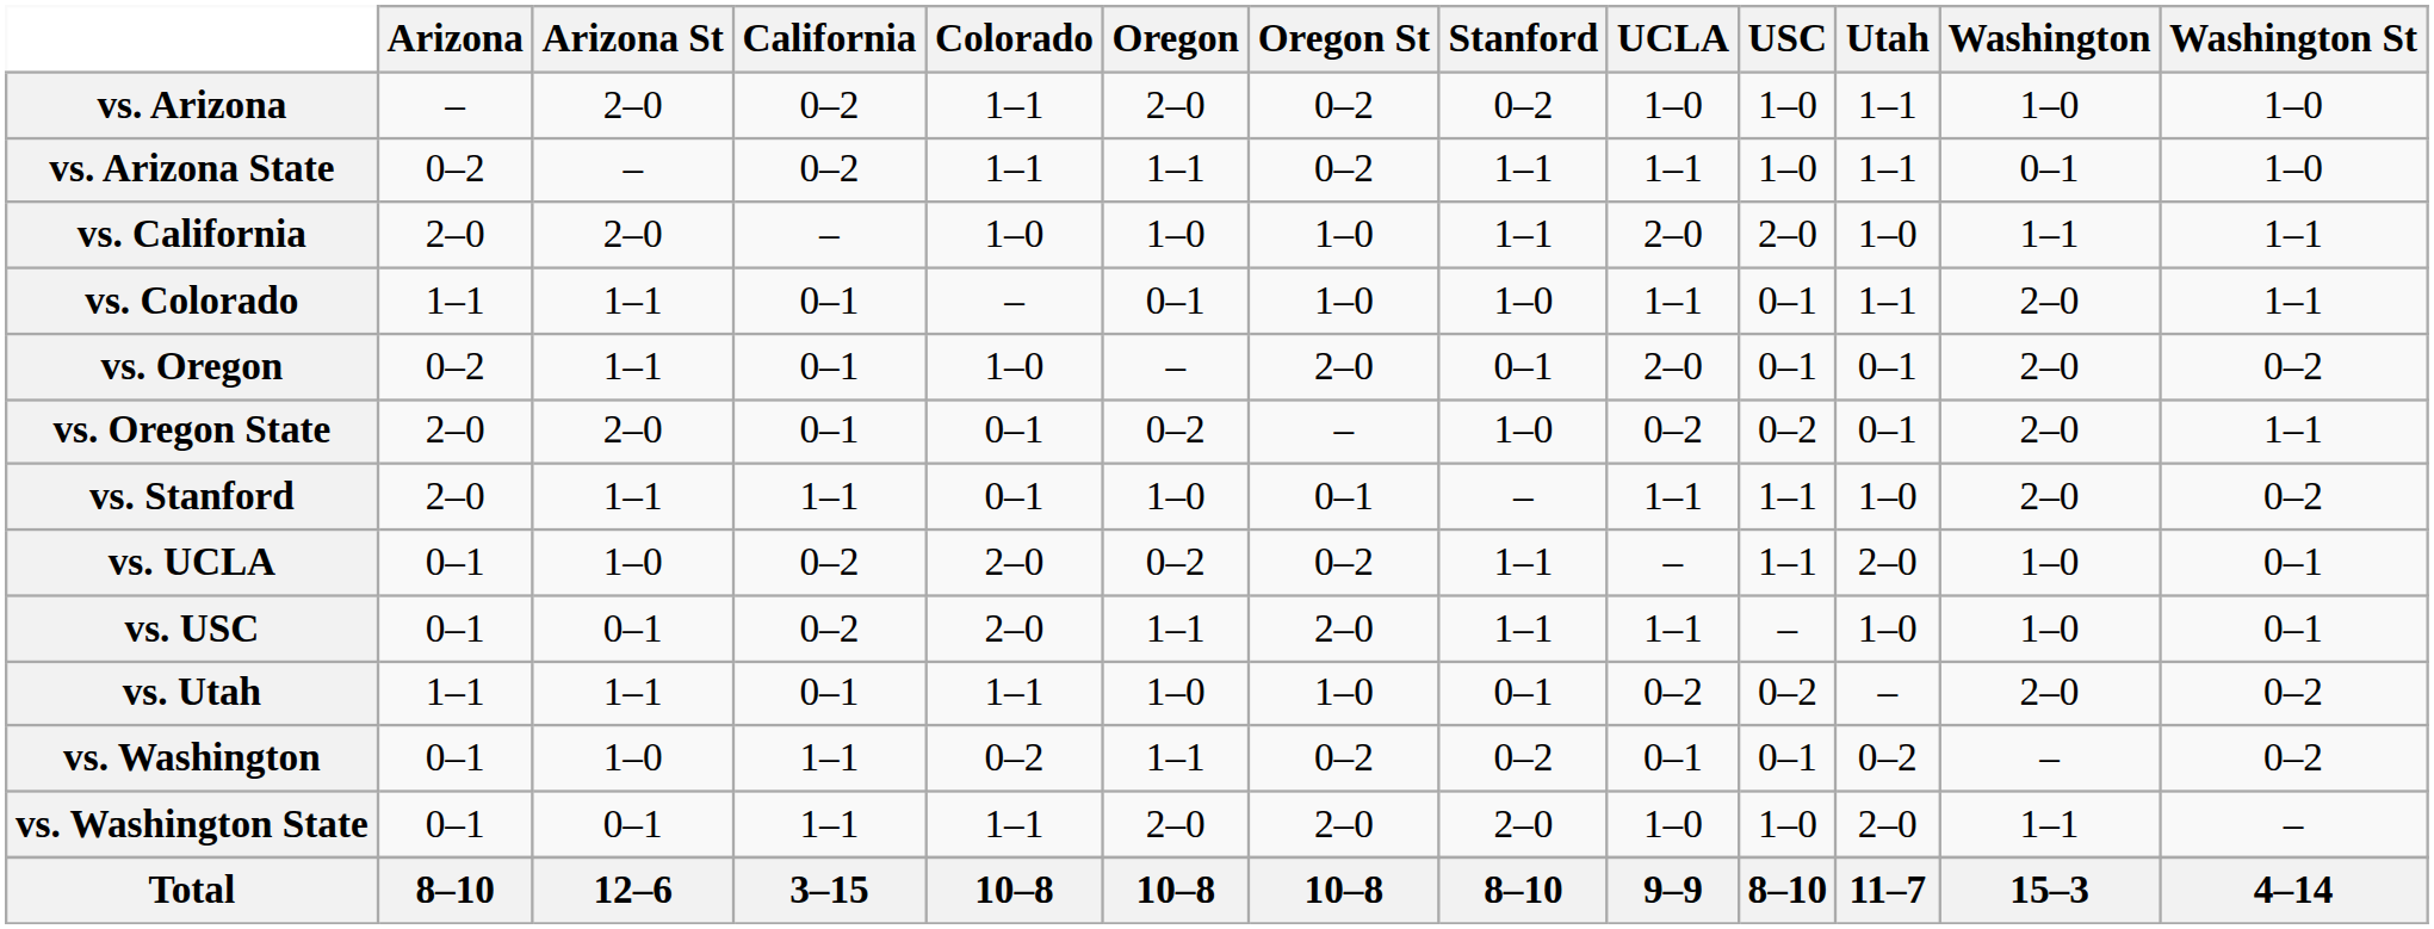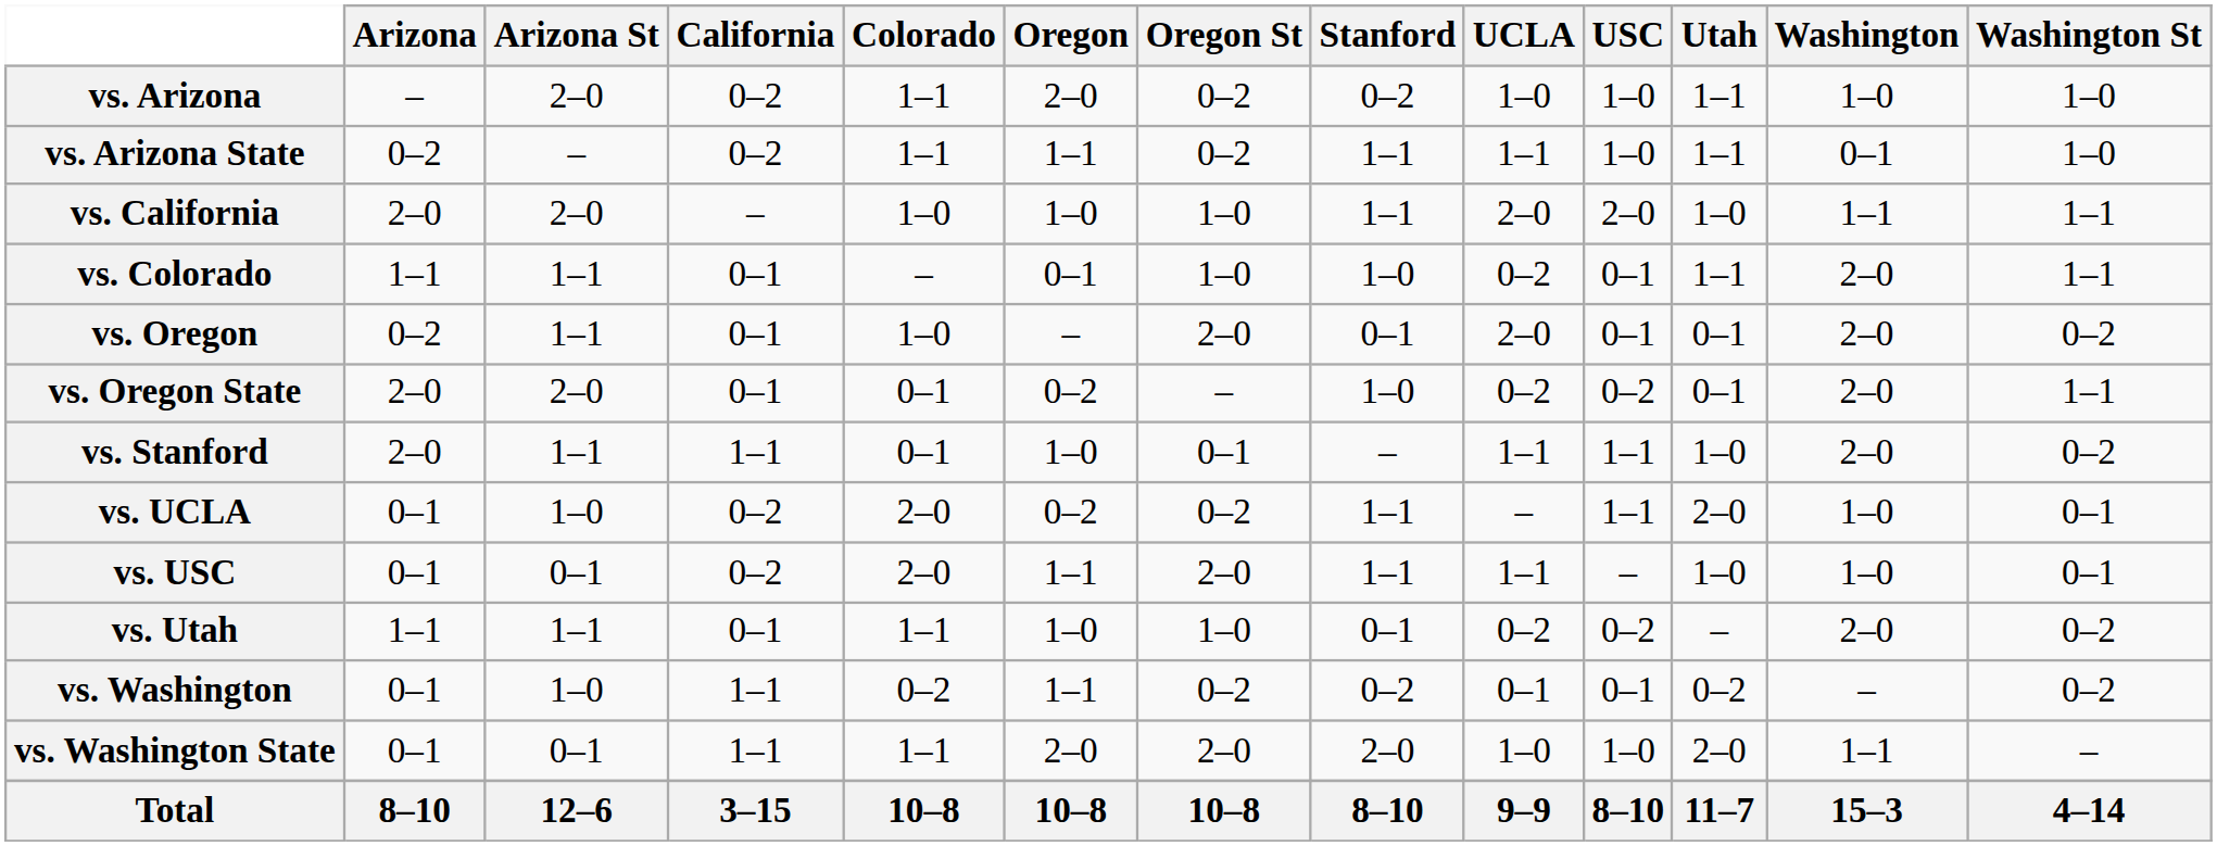 <table class="wikitable" style="white-space:nowrap;font-size:90%;">
 <tr>
 <th colspan=1 style="background:white; border-top-style:hidden; border-left-style:hidden;"   width=75> </th>
 <th>Arizona</th>
 <th>Arizona St</th>
 <th>California</th>
 <th>Colorado</th>
 <th>Oregon</th>
 <th>Oregon St</th>
 <th>Stanford</th>
 <th>UCLA</th>
 <th>USC</th>
 <th>Utah</th>
 <th>Washington</th>
 <th>Washington St</th>
 </tr>
 <tr style="text-align:center;">
 <th>vs. Arizona</th>
 <td>–</td>
 <td>2–0</td>
 <td>0–2</td>
 <td>1–1</td>
 <td>2–0</td>
 <td>0–2</td>
 <td>0–2</td>
 <td>1–0</td>
 <td>1–0</td>
 <td>1–1</td>
 <td>1–0</td>
 <td>1–0</td>
 </tr>
 <tr style="text-align:center;">
 <th>vs. Arizona State</th>
 <td>0–2</td>
 <td>–</td>
 <td>0–2</td>
 <td>1–1</td>
 <td>1–1</td>
 <td>0–2</td>
 <td>1–1</td>
 <td>1–1</td>
 <td>1–0</td>
 <td>1–1</td>
 <td>0–1</td>
 <td>1–0</td>
 </tr>
 <tr style="text-align:center;">
 <th>vs. California</th>
 <td>2–0</td>
 <td>2–0</td>
 <td>–</td>
 <td>1–0</td>
 <td>1–0</td>
 <td>1–0</td>
 <td>1–1</td>
 <td>2–0</td>
 <td>2–0</td>
 <td>1–0</td>
 <td>1–1</td>
 <td>1–1</td>
 </tr>
 <tr style="text-align:center;">
 <th>vs. Colorado</th>
 <td>1–1</td>
 <td>1–1</td>
 <td>0–1</td>
 <td>–</td>
 <td>0–1</td>
 <td>1–0</td>
 <td>1–0</td>
-<td>1–1</td>
+<td>0–2</td>
 <td>0–1</td>
 <td>1–1</td>
 <td>2–0</td>
 <td>1–1</td>
 </tr>
 <tr style="text-align:center;">
 <th>vs. Oregon</th>
 <td>0–2</td>
 <td>1–1</td>
 <td>0–1</td>
 <td>1–0</td>
 <td>–</td>
 <td>2–0</td>
 <td>0–1</td>
 <td>2–0</td>
 <td>0–1</td>
 <td>0–1</td>
 <td>2–0</td>
 <td>0–2</td>
 </tr>
 <tr style="text-align:center;">
 <th>vs. Oregon State</th>
 <td>2–0</td>
 <td>2–0</td>
 <td>0–1</td>
 <td>0–1</td>
 <td>0–2</td>
 <td>–</td>
 <td>1–0</td>
 <td>0–2</td>
 <td>0–2</td>
 <td>0–1</td>
 <td>2–0</td>
 <td>1–1</td>
 </tr>
 <tr style="text-align:center;">
 <th>vs. Stanford</th>
 <td>2–0</td>
 <td>1–1</td>
 <td>1–1</td>
 <td>0–1</td>
 <td>1–0</td>
 <td>0–1</td>
 <td>–</td>
 <td>1–1</td>
 <td>1–1</td>
 <td>1–0</td>
 <td>2–0</td>
 <td>0–2</td>
 </tr>
 <tr style="text-align:center;">
 <th>vs. UCLA</th>
 <td>0–1</td>
 <td>1–0</td>
 <td>0–2</td>
 <td>2–0</td>
 <td>0–2</td>
 <td>0–2</td>
 <td>1–1</td>
 <td>–</td>
 <td>1–1</td>
 <td>2–0</td>
 <td>1–0</td>
 <td>0–1</td>
 </tr>
 <tr style="text-align:center;">
 <th>vs. USC</th>
 <td>0–1</td>
 <td>0–1</td>
 <td>0–2</td>
 <td>2–0</td>
 <td>1–1</td>
 <td>2–0</td>
 <td>1–1</td>
 <td>1–1</td>
 <td>–</td>
 <td>1–0</td>
 <td>1–0</td>
 <td>0–1</td>
 </tr>
 <tr style="text-align:center;">
 <th>vs. Utah</th>
 <td>1–1</td>
 <td>1–1</td>
 <td>0–1</td>
 <td>1–1</td>
 <td>1–0</td>
 <td>1–0</td>
 <td>0–1</td>
 <td>0–2</td>
 <td>0–2</td>
 <td>–</td>
 <td>2–0</td>
 <td>0–2</td>
 </tr>
 <tr style="text-align:center;">
 <th>vs. Washington</th>
 <td>0–1</td>
 <td>1–0</td>
 <td>1–1</td>
 <td>0–2</td>
 <td>1–1</td>
 <td>0–2</td>
 <td>0–2</td>
 <td>0–1</td>
 <td>0–1</td>
 <td>0–2</td>
 <td>–</td>
 <td>0–2</td>
 </tr>
 <tr style="text-align:center;">
 <th>vs. Washington State</th>
 <td>0–1</td>
 <td>0–1</td>
 <td>1–1</td>
 <td>1–1</td>
 <td>2–0</td>
 <td>2–0</td>
 <td>2–0</td>
 <td>1–0</td>
 <td>1–0</td>
 <td>2–0</td>
 <td>1–1</td>
 <td>–</td>
 </tr>
 <tr style="text-align:center;">
 </tr>
 <tr style="text-align:center;">
 <th>Total</th>
 <th>8–10</th>
 <th>12–6</th>
 <th>3–15</th>
 <th>10–8</th>
 <th>10–8</th>
 <th>10–8</th>
 <th>8–10</th>
 <th>9–9</th>
 <th>8–10</th>
 <th>11–7</th>
 <th>15–3</th>
 <th>4–14</th>
 </tr>
 </table>
